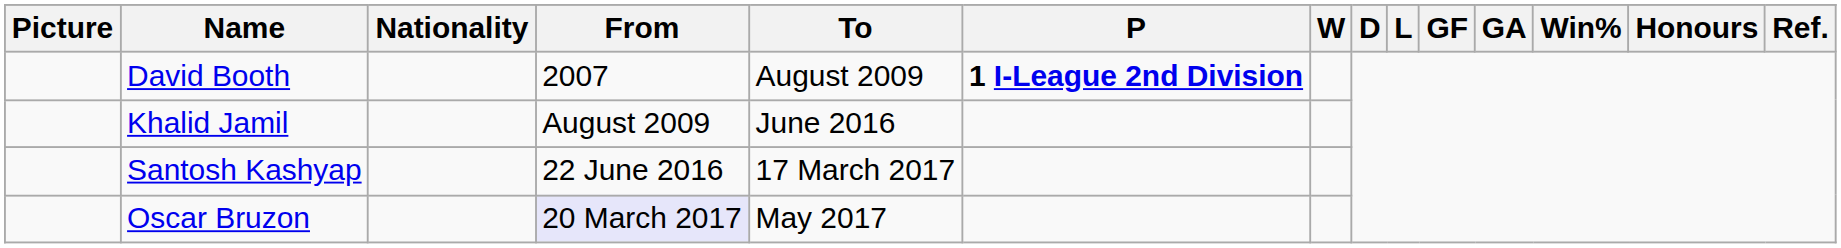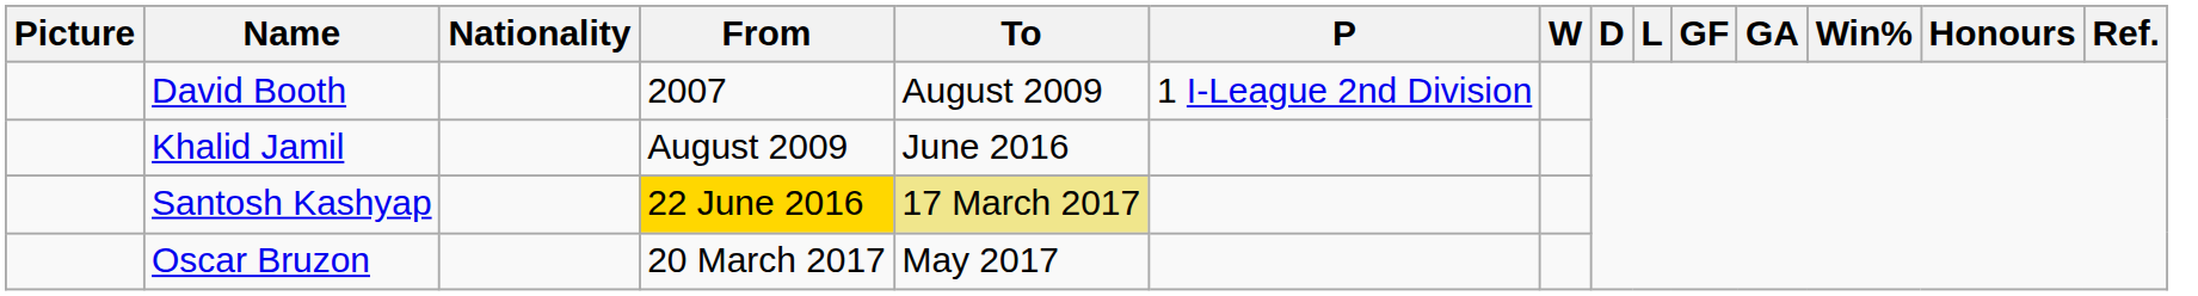 <table class="wikitable sortable" style="text-align: center">
 <tr>
 <th>Picture</th>
 <th>Name</th>
 <th>Nationality</th>
 <th>From</th>
 <th class="unsortable">To</th>
 <th>P</th>
 <th>W</th>
 <th>D</th>
 <th>L</th>
 <th>GF</th>
 <th>GA</th>
 <th>Win%</th>
 <th class="unsortable">Honours</th>
 <th>Ref.</th>
 </tr>
 <tr>
 <td></td>
 <td align=left><a href='#'>David Booth</a></td>
 <td align=left></td>
 <td align=left>2007</td>
 <td align=left>August 2009<br></td>
-<td><strong>1 <a href='#'>I-League 2nd Division</a></strong></td>
+<td>1 <a href='#'>I-League 2nd Division</a></td>
 <td></td>
 </tr>
 <tr>
 <td></td>
 <td align=left><a href='#'>Khalid Jamil</a></td>
 <td align=left></td>
 <td align=left>August 2009</td>
 <td align=left>June 2016<br></td>
 <td></td>
 <td></td>
 </tr>
 <tr>
 <td></td>
 <td align=left><a href='#'>Santosh Kashyap</a></td>
 <td align=left></td>
-<td align=left>22 June 2016</td>
-<td align=left>17 March 2017<br></td>
+<td align=left style="background: gold;">22 June 2016</td>
+<td align=left style="background: khaki;">17 March 2017<br></td>
 <td></td>
 <td></td>
 </tr>
 <tr>
 <td></td>
 <td align=left><a href='#'>Oscar Bruzon</a></td>
 <td align=left></td>
-<td align=left style="background: lavender;">20 March 2017</td>
+<td align=left>20 March 2017</td>
 <td align=left>May 2017<br></td>
 <td></td>
 <td></td>
 </tr>
 </table>
